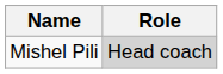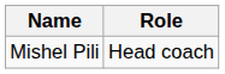 <table class="wikitable">
 <tr>
 <th>Name</th>
 <th>Role</th>
 </tr>
 <tr>
 <td> Mishel Pili</td>
-<td style="background: lightgrey;">Head coach</td>
+<td>Head coach</td>
 </tr>
 </table>
